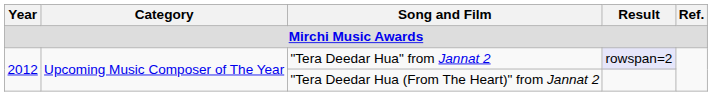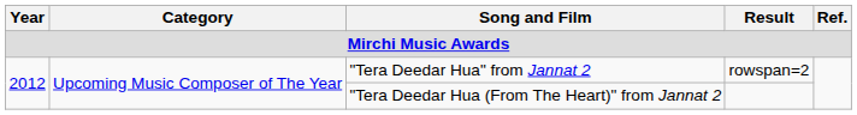 <table class="wikitable sortable">
 <tr>
 <th>Year</th>
 <th>Category</th>
 <th>Song and Film</th>
 <th>Result</th>
 <th>Ref.</th>
 </tr>
 <tr style="background:#ddd; ">
 <td colspan="5" style="text-align: center; "><strong><a href='#'>Mirchi Music Awards</a></strong></td>
 </tr>
 <tr>
 <td rowspan=2><a href='#'>2012</a></td>
 <td rowspan=2><a href='#'>Upcoming Music Composer of The Year</a></td>
 <td>"Tera Deedar Hua" from <em><a href='#'>Jannat 2</a></em></td>
-<td style="background: lavender;">rowspan=2 </td>
+<td>rowspan=2 </td>
 <td rowspan=2></td>
 </tr>
 <tr>
 <td>"Tera Deedar Hua (From The Heart)" from <em>Jannat 2</em></td>
 </tr>
 </table>
